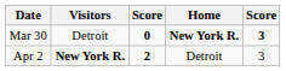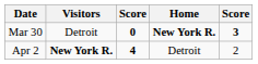 <table class="wikitable">
 <tr>
 <th width="50">Date</th>
 <th width="90">Visitors</th>
 <th width="25">Score</th>
 <th width="90">Home</th>
 <th width="25">Score</th>
 </tr>
 <tr align="center">
 <td>Mar 30</td>
 <td>Detroit</td>
 <td align="center"><strong>0</strong></td>
 <td><strong>New York R.</strong></td>
 <td align="center"><strong>3</strong></td>
 </tr>
 <tr align="center">
 <td>Apr 2</td>
 <td><strong>New York R.</strong></td>
-<td align="center"><strong>2</strong></td>
+<td align="center"><strong>4</strong></td>
 <td>Detroit</td>
-<td align="center">3</td>
+<td align="center">2</td>
 </tr>
 </table>
